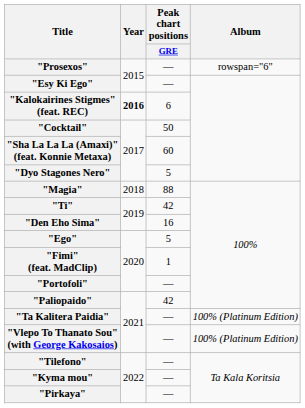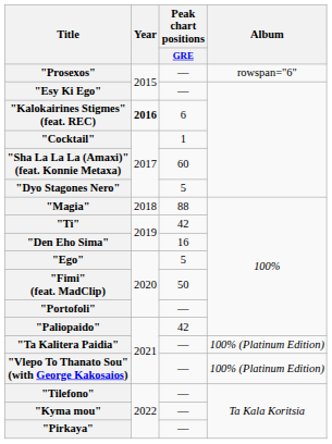 <table class="wikitable plainrowheaders" style="text-align:center;">
 <tr>
 <th scope="col" rowspan="2">Title</th>
 <th scope="col" rowspan="2">Year</th>
 <th scope="col" colspan="1">Peak chart positions</th>
 <th scope="col" rowspan="2">Album</th>
 </tr>
 <tr>
 <th scope="col" style="width:3em;font-size:85%;"><a href='#'>GRE</a><br></th>
 </tr>
 <tr>
 <th scope="row">"Prosexos"</th>
 <td rowspan="2">2015</td>
 <td>—</td>
 <td>rowspan="6" </td>
 </tr>
 <tr>
 <th scope="row">"Esy Ki Ego"</th>
 <td>—</td>
 </tr>
 <tr>
 <th scope="row">"Kalokairines Stigmes"<br><span>(feat. REC)</span></th>
 <td><strong>2016</strong></td>
 <td>6</td>
 </tr>
 <tr>
 <th scope="row">"Cocktail"</th>
 <td rowspan="3">2017</td>
-<td>50</td>
+<td>1</td>
 </tr>
 <tr>
 <th scope="row">"Sha La La La (Amaxi)"<br><span>(feat. Konnie Metaxa)</span></th>
 <td>60</td>
 </tr>
 <tr>
 <th scope="row">"Dyo Stagones Nero"</th>
 <td>5</td>
 </tr>
 <tr>
 <th scope="row">"Magia"</th>
 <td>2018</td>
 <td>88</td>
 <td rowspan="7"><em>100%</em></td>
 </tr>
 <tr>
 <th scope="row">"Ti"</th>
 <td rowspan="2">2019</td>
 <td>42</td>
 </tr>
 <tr>
 <th scope="row">"Den Eho Sima"</th>
 <td>16</td>
 </tr>
 <tr>
 <th scope="row">"Ego"</th>
 <td rowspan="3">2020</td>
 <td>5</td>
 </tr>
 <tr>
 <th scope="row">"Fimi"<br><span>(feat. MadClip)</span></th>
-<td>1</td>
+<td>50</td>
 </tr>
 <tr>
 <th scope="row">"Portofoli"</th>
 <td>—</td>
 </tr>
 <tr>
 <th scope="row">"Paliopaido"</th>
 <td rowspan="3">2021</td>
 <td>42</td>
 </tr>
 <tr>
 <th scope="row">"Ta Kalitera Paidia"</th>
 <td>—</td>
 <td><em>100% (Platinum Edition)</em></td>
 </tr>
 <tr>
 <th scope="row">"Vlepo To Thanato Sou"<br><span>(with <a href='#'>George Kakosaios</a>)</span></th>
 <td>—</td>
 <td><em>100% (Platinum Edition)</em></td>
 </tr>
 <tr>
 <th scope="row">"Tilefono"</th>
 <td rowspan="3">2022</td>
 <td>—</td>
 <td rowspan="3"><em>Ta Kala Koritsia</em></td>
 </tr>
 <tr>
 <th scope="row">"Kyma mou"</th>
 <td>—</td>
 </tr>
 <tr>
 <th scope="row">"Pirkaya"</th>
 <td>—</td>
 </tr>
 </table>
